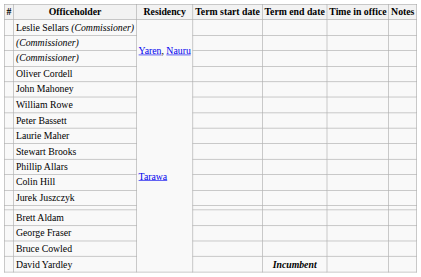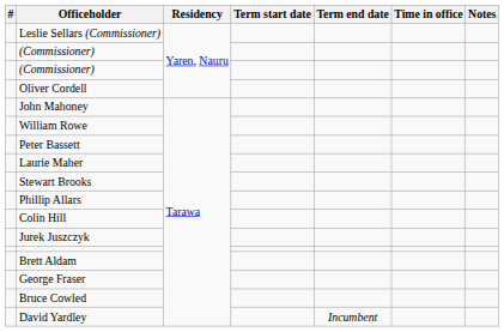 <table class='wikitable sortable'>
 <tr>
 <th>#</th>
 <th>Officeholder</th>
 <th>Residency</th>
 <th>Term start date</th>
 <th>Term end date</th>
 <th>Time in office</th>
 <th>Notes</th>
 </tr>
 <tr>
 <td align=center></td>
 <td>Leslie Sellars <em>(Commissioner)</em></td>
 <td rowspan=4><a href='#'>Yaren</a>, <a href='#'>Nauru</a></td>
 <td align=center></td>
 <td align=center></td>
 <td align=right></td>
 <td></td>
 </tr>
 <tr>
 <td align=center></td>
 <td>   <em>(Commissioner)</em></td>
 <td align=center></td>
 <td align=center></td>
 <td align=right></td>
 <td></td>
 </tr>
 <tr>
 <td align=center></td>
 <td>   <em>(Commissioner)</em></td>
 <td align=center></td>
 <td align=center></td>
 <td align=right></td>
 <td></td>
 </tr>
 <tr>
 <td align=center></td>
 <td>Oliver Cordell</td>
 <td align=center></td>
 <td align=center></td>
 <td align=right></td>
 <td></td>
 </tr>
 <tr>
 <td align=center></td>
 <td>John Mahoney</td>
 <td rowspan=13><a href='#'>Tarawa</a></td>
 <td align=center></td>
 <td align=center></td>
 <td align=right></td>
 <td></td>
 </tr>
 <tr>
 <td align=center></td>
 <td>William Rowe</td>
 <td align=center></td>
 <td align=center></td>
 <td align=right></td>
 <td></td>
 </tr>
 <tr>
 <td align=center></td>
 <td>Peter Bassett</td>
 <td align=center></td>
 <td align=center></td>
 <td align=right></td>
 <td></td>
 </tr>
 <tr>
 <td align=center></td>
 <td>Laurie Maher</td>
 <td align=center></td>
 <td align=center></td>
 <td align=right></td>
 <td></td>
 </tr>
 <tr>
 <td align=center></td>
 <td>Stewart Brooks</td>
 <td align=center></td>
 <td align=center></td>
 <td align=right></td>
 <td></td>
 </tr>
 <tr>
 <td align=center></td>
 <td>Phillip Allars</td>
 <td align=center></td>
 <td align=center></td>
 <td align=right></td>
 <td></td>
 </tr>
 <tr>
 <td align=center></td>
 <td>Colin Hill</td>
 <td align=center></td>
 <td align=center></td>
 <td align=right></td>
 <td></td>
 </tr>
 <tr>
 <td align=center></td>
 <td>Jurek Juszczyk</td>
 <td align=center></td>
 <td align=center></td>
 <td align=right></td>
 <td></td>
 </tr>
 <tr>
 <td align=center></td>
 <td></td>
 <td align=center></td>
 <td align=center></td>
 <td align=right></td>
 <td></td>
 </tr>
 <tr>
 <td align=center></td>
 <td>Brett Aldam</td>
 <td align=center></td>
 <td align=center></td>
 <td align=right></td>
 <td></td>
 </tr>
 <tr>
 <td align=center></td>
 <td>George Fraser</td>
 <td align=center></td>
 <td align=center></td>
 <td align=right></td>
 <td></td>
 </tr>
 <tr>
 <td align=center></td>
 <td>Bruce Cowled</td>
 <td align=center></td>
 <td align=center></td>
 <td align=right><strong></strong></td>
 <td></td>
 </tr>
 <tr>
 <td align=center></td>
 <td>David Yardley</td>
 <td align=center></td>
-<td align=center><strong><em>Incumbent</em></strong></td>
+<td align=center><em>Incumbent</em></td>
 <td align=right></td>
 <td></td>
 </tr>
 </table>
